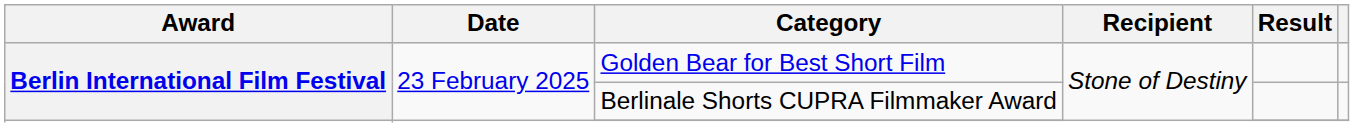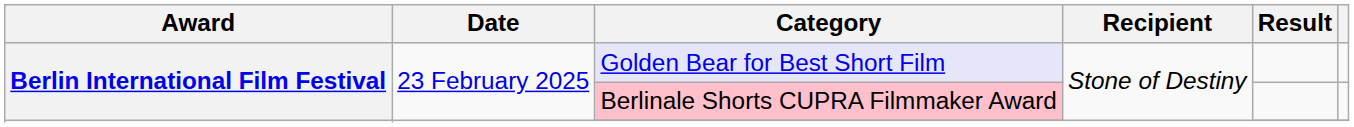 <table class="wikitable sortable plainrowheaders">
 <tr>
 <th>Award</th>
 <th>Date</th>
 <th>Category</th>
 <th>Recipient</th>
 <th>Result</th>
 <th></th>
 </tr>
 <tr>
 <th scope="row" rowspan=3><a href='#'>Berlin International Film Festival</a></th>
 <td rowspan=3><a href='#'>23 February 2025</a></td>
-<td><a href='#'>Golden Bear for Best Short Film</a></td>
+<td style="background: lavender;"><a href='#'>Golden Bear for Best Short Film</a></td>
 <td rowspan="3"><em>Stone of Destiny</em></td>
 <td></td>
 <td align="center" rowspan="1"></td>
 </tr>
 <tr>
-<td>Berlinale Shorts CUPRA Filmmaker Award</td>
+<td style="background: pink;">Berlinale Shorts CUPRA Filmmaker Award</td>
 <td></td>
 <td align="center" rowspan="1"></td>
 </tr>
 <tr>
 </tr>
 </table>
